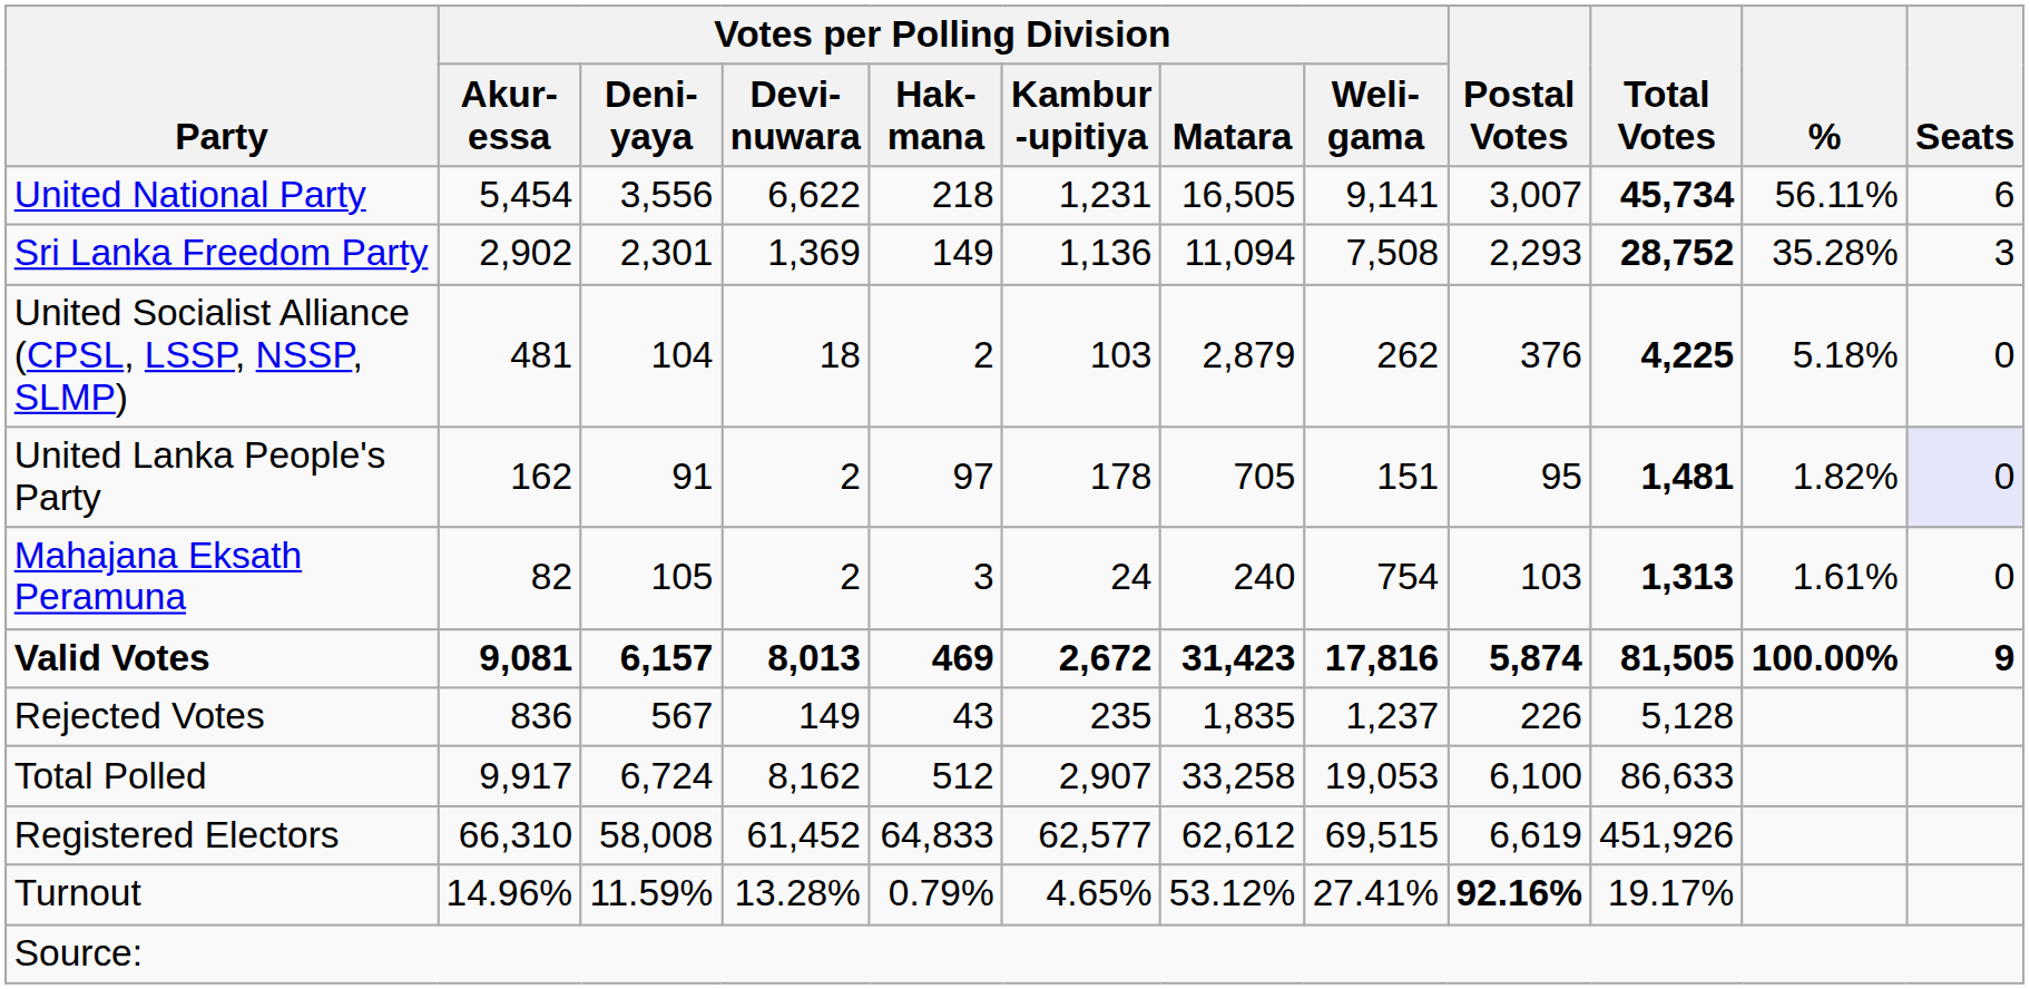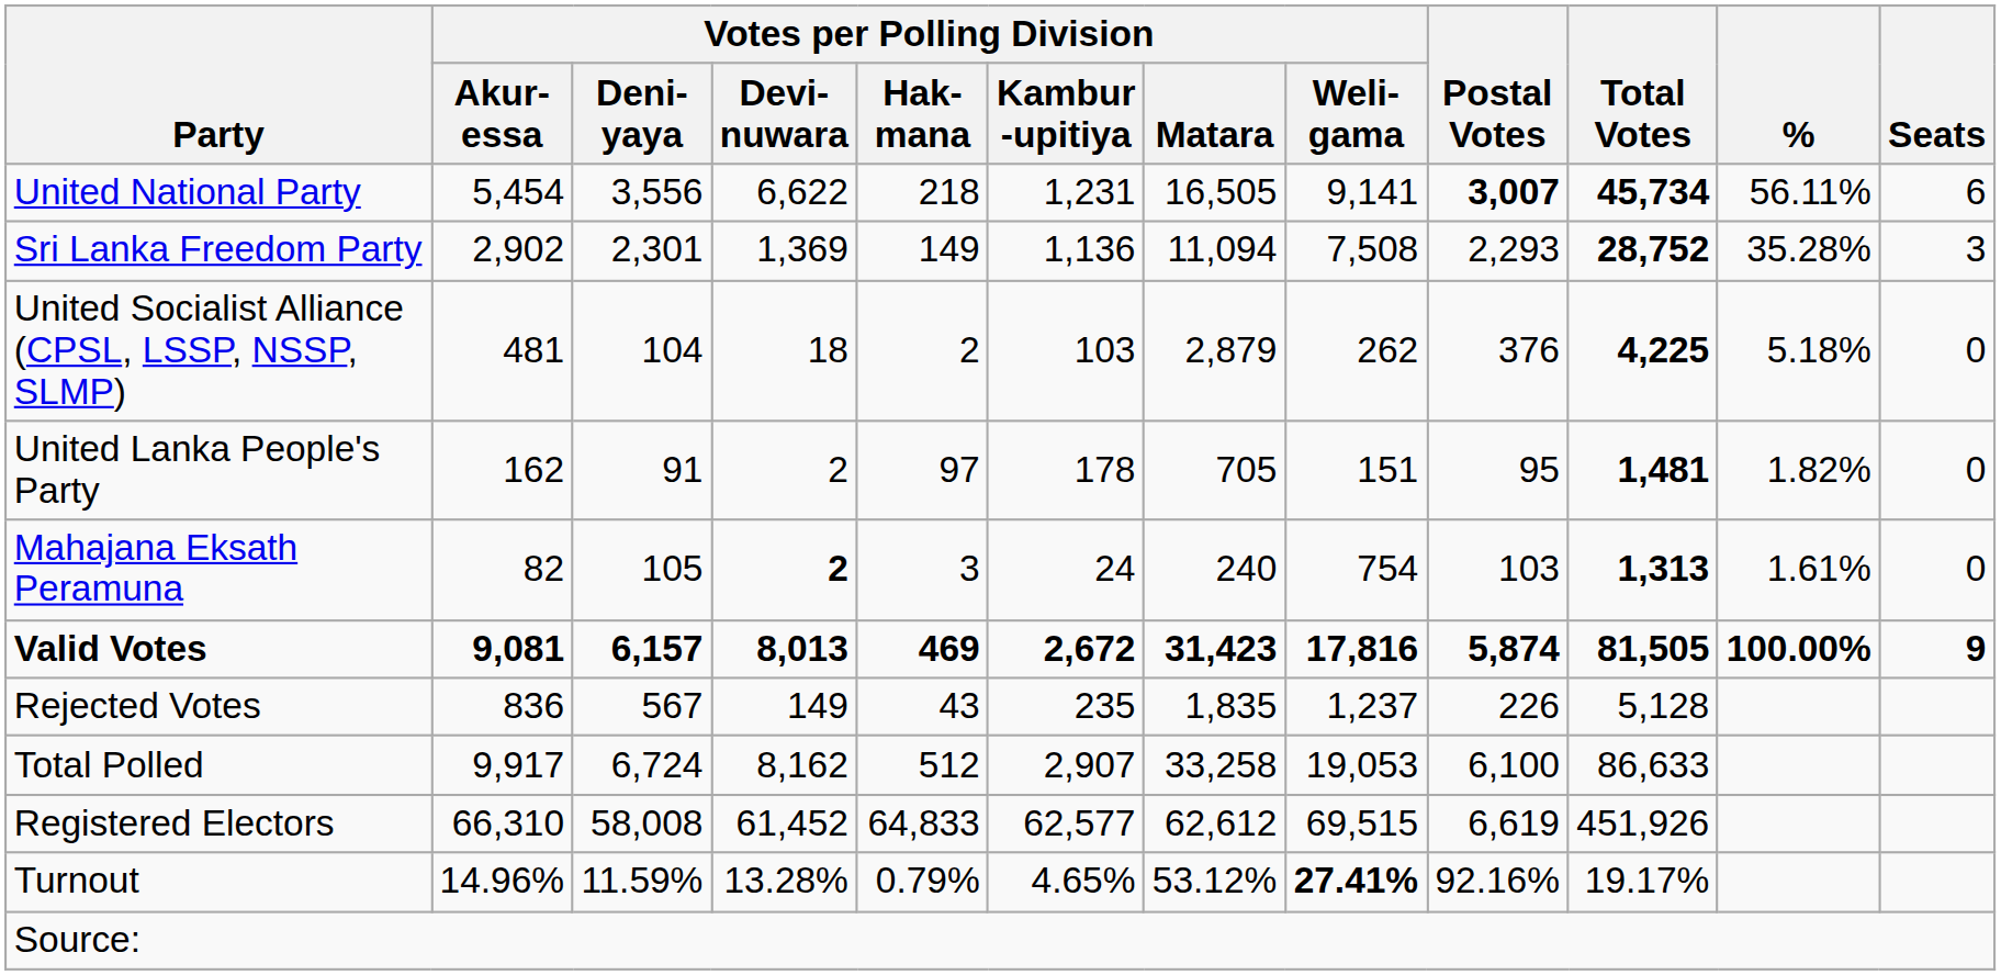 <table class="wikitable" border="1" style="text-align:right;">
 <tr>
 <th align=left valign=bottom rowspan=2 width="180">Party</th>
 <th colspan=7>Votes per Polling Division</th>
 <th align=center valign=bottom rowspan=2 width="50">Postal<br>Votes</th>
 <th align=center valign=bottom rowspan=2 width="50">Total Votes</th>
 <th align=center valign=bottom rowspan=2 width="50">%</th>
 <th align=center valign=bottom rowspan=2 width="40">Seats</th>
 </tr>
 <tr>
 <th align=center valign=bottom width="50">Akur-<br>essa</th>
 <th align=center valign=bottom width="50">Deni-<br>yaya</th>
 <th align=center valign=bottom width="50">Devi-<br>nuwara</th>
 <th align=center valign=bottom width="50">Hak-<br>mana</th>
 <th align=center valign=bottom width="50">Kambur<br>-upitiya</th>
 <th align=center valign=bottom width="50">Matara</th>
 <th align=center valign=bottom width="50">Weli-<br>gama</th>
 </tr>
 <tr>
 <td align=left><a href='#'>United National Party</a></td>
 <td>5,454</td>
 <td>3,556</td>
 <td>6,622</td>
 <td>218</td>
 <td>1,231</td>
 <td>16,505</td>
 <td>9,141</td>
-<td>3,007</td>
+<td><strong>3,007</strong></td>
 <td><strong>45,734</strong></td>
 <td>56.11%</td>
 <td>6</td>
 </tr>
 <tr>
 <td align=left><a href='#'>Sri Lanka Freedom Party</a></td>
 <td>2,902</td>
 <td>2,301</td>
 <td>1,369</td>
 <td>149</td>
 <td>1,136</td>
 <td>11,094</td>
 <td>7,508</td>
 <td>2,293</td>
 <td><strong>28,752</strong></td>
 <td>35.28%</td>
 <td>3</td>
 </tr>
 <tr>
 <td align=left>United Socialist Alliance<br>(<a href='#'>CPSL</a>, <a href='#'>LSSP</a>, <a href='#'>NSSP</a>, <a href='#'>SLMP</a>)</td>
 <td>481</td>
 <td>104</td>
 <td>18</td>
 <td>2</td>
 <td>103</td>
 <td>2,879</td>
 <td>262</td>
 <td>376</td>
 <td><strong>4,225</strong></td>
 <td>5.18%</td>
 <td>0</td>
 </tr>
 <tr>
 <td align=left>United Lanka People's Party</td>
 <td>162</td>
 <td>91</td>
 <td>2</td>
 <td>97</td>
 <td>178</td>
 <td>705</td>
 <td>151</td>
 <td>95</td>
 <td><strong>1,481</strong></td>
 <td>1.82%</td>
-<td style="background: lavender;">0</td>
+<td>0</td>
 </tr>
 <tr>
 <td align=left><a href='#'>Mahajana Eksath Peramuna</a></td>
 <td>82</td>
 <td>105</td>
-<td>2</td>
+<td><strong>2</strong></td>
 <td>3</td>
 <td>24</td>
 <td>240</td>
 <td>754</td>
 <td>103</td>
 <td><strong>1,313</strong></td>
 <td>1.61%</td>
 <td>0</td>
 </tr>
 <tr>
 <td align=left><strong>Valid Votes</strong></td>
 <td><strong>9,081</strong></td>
 <td><strong>6,157</strong></td>
 <td><strong>8,013</strong></td>
 <td><strong>469</strong></td>
 <td><strong>2,672</strong></td>
 <td><strong>31,423</strong></td>
 <td><strong>17,816</strong></td>
 <td><strong>5,874</strong></td>
 <td><strong>81,505</strong></td>
 <td><strong>100.00%</strong></td>
 <td><strong>9</strong></td>
 </tr>
 <tr>
 <td align=left>Rejected Votes</td>
 <td>836</td>
 <td>567</td>
 <td>149</td>
 <td>43</td>
 <td>235</td>
 <td>1,835</td>
 <td>1,237</td>
 <td>226</td>
 <td>5,128</td>
 <td></td>
 <td></td>
 </tr>
 <tr>
 <td align=left>Total Polled</td>
 <td>9,917</td>
 <td>6,724</td>
 <td>8,162</td>
 <td>512</td>
 <td>2,907</td>
 <td>33,258</td>
 <td>19,053</td>
 <td>6,100</td>
 <td>86,633</td>
 <td></td>
 <td></td>
 </tr>
 <tr>
 <td align=left>Registered Electors</td>
 <td>66,310</td>
 <td>58,008</td>
 <td>61,452</td>
 <td>64,833</td>
 <td>62,577</td>
 <td>62,612</td>
 <td>69,515</td>
 <td>6,619</td>
 <td>451,926</td>
 <td></td>
 <td></td>
 </tr>
 <tr>
 <td align=left>Turnout</td>
 <td>14.96%</td>
 <td>11.59%</td>
 <td>13.28%</td>
 <td>0.79%</td>
 <td>4.65%</td>
 <td>53.12%</td>
-<td>27.41%</td>
-<td><strong>92.16%</strong></td>
+<td><strong>27.41%</strong></td>
+<td>92.16%</td>
 <td>19.17%</td>
 <td></td>
 <td></td>
 </tr>
 <tr>
 <td align=left colspan=13>Source:</td>
 </tr>
 </table>
